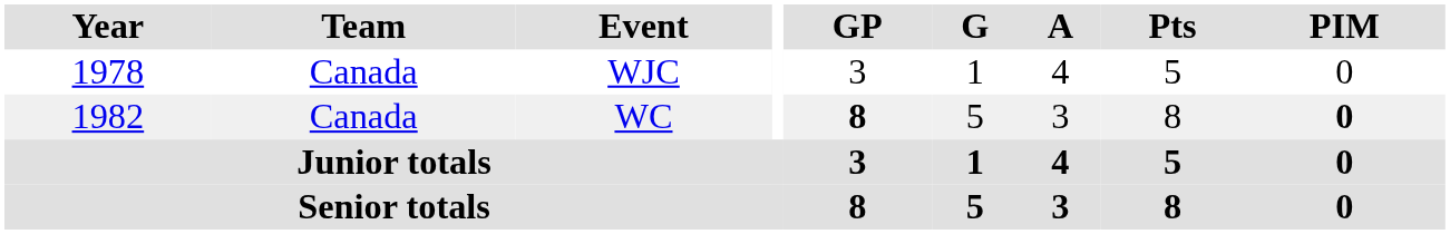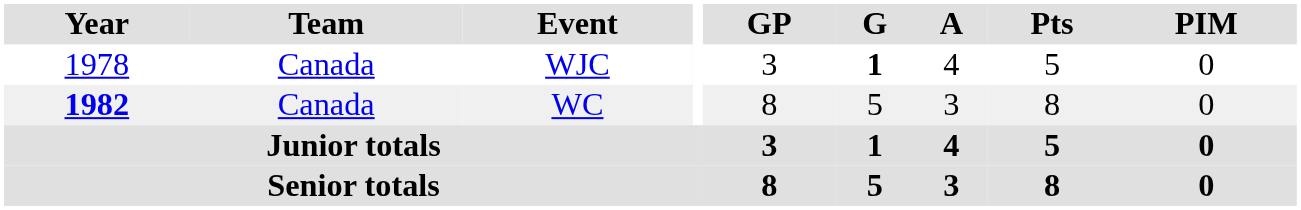 <table border="0" cellpadding="1" cellspacing="0" ID="Table3" style="text-align:center; width:40em">
 <tr bgcolor="#e0e0e0">
 <th>Year</th>
 <th>Team</th>
 <th>Event</th>
 <th rowspan="102" bgcolor="#ffffff"></th>
 <th>GP</th>
 <th>G</th>
 <th>A</th>
 <th>Pts</th>
 <th>PIM</th>
 </tr>
 <tr>
 <td><a href='#'>1978</a></td>
 <td><a href='#'>Canada</a></td>
 <td><a href='#'>WJC</a></td>
 <td>3</td>
-<td>1</td>
+<td><strong>1</strong></td>
 <td>4</td>
 <td>5</td>
 <td>0</td>
 </tr>
 <tr bgcolor="#f0f0f0">
-<td><a href='#'>1982</a></td>
+<td><strong><a href='#'>1982</a></strong></td>
 <td><a href='#'>Canada</a></td>
 <td><a href='#'>WC</a></td>
-<td><strong>8</strong></td>
+<td>8</td>
 <td>5</td>
 <td>3</td>
 <td>8</td>
-<td><strong>0</strong></td>
+<td>0</td>
 </tr>
 <tr bgcolor="#e0e0e0">
 <th colspan="4">Junior totals</th>
 <th>3</th>
 <th>1</th>
 <th>4</th>
 <th>5</th>
 <th>0</th>
 </tr>
 <tr bgcolor="#e0e0e0">
 <th colspan="4">Senior totals</th>
 <th>8</th>
 <th>5</th>
 <th>3</th>
 <th>8</th>
 <th>0</th>
 </tr>
 </table>
